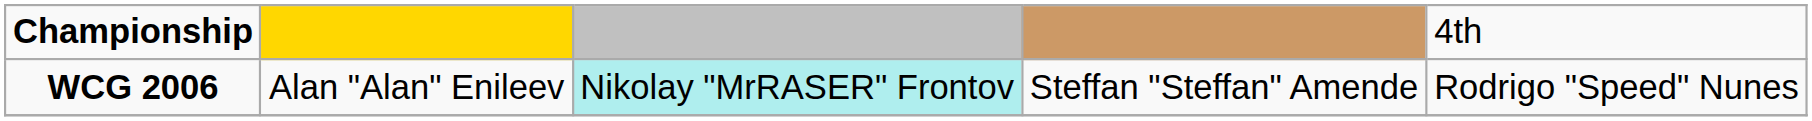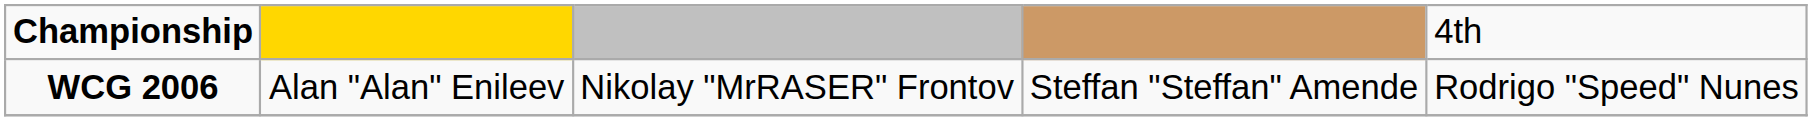 <table class="wikitable" style="text-align:left">
 <tr>
 <td style="text-align:center"><strong>Championship</strong></td>
 <td style="text-align:center" bgcolor="gold"></td>
 <td style="text-align:center" bgcolor="silver"></td>
 <td style="text-align:center" bgcolor="CC9966"></td>
 <td>4th</td>
 </tr>
 <tr>
 <td style="text-align:center"><strong>WCG 2006</strong></td>
 <td> Alan "Alan" Enileev</td>
-<td style="background: paleturquoise;"> Nikolay "MrRASER" Frontov</td>
+<td> Nikolay "MrRASER" Frontov</td>
 <td> Steffan "Steffan" Amende</td>
 <td> Rodrigo "Speed" Nunes</td>
 </tr>
 <tr>
 </tr>
 </table>
